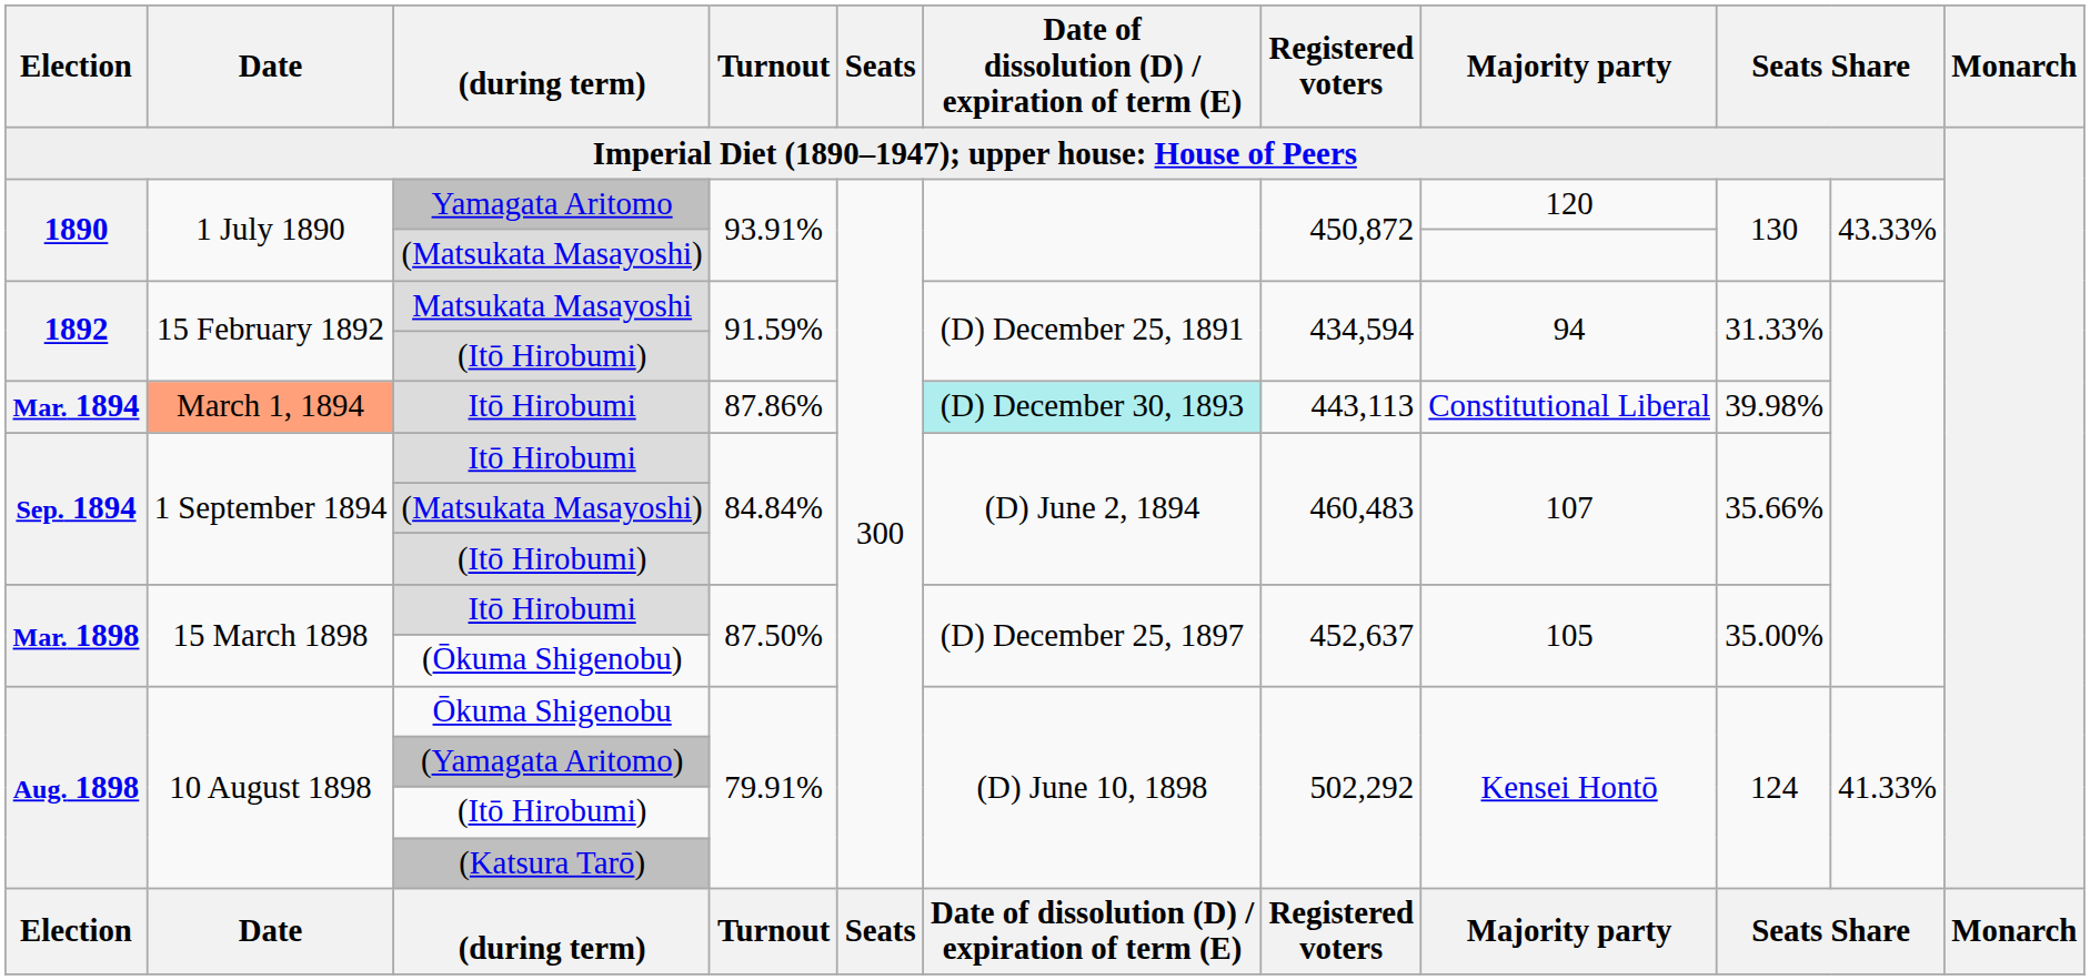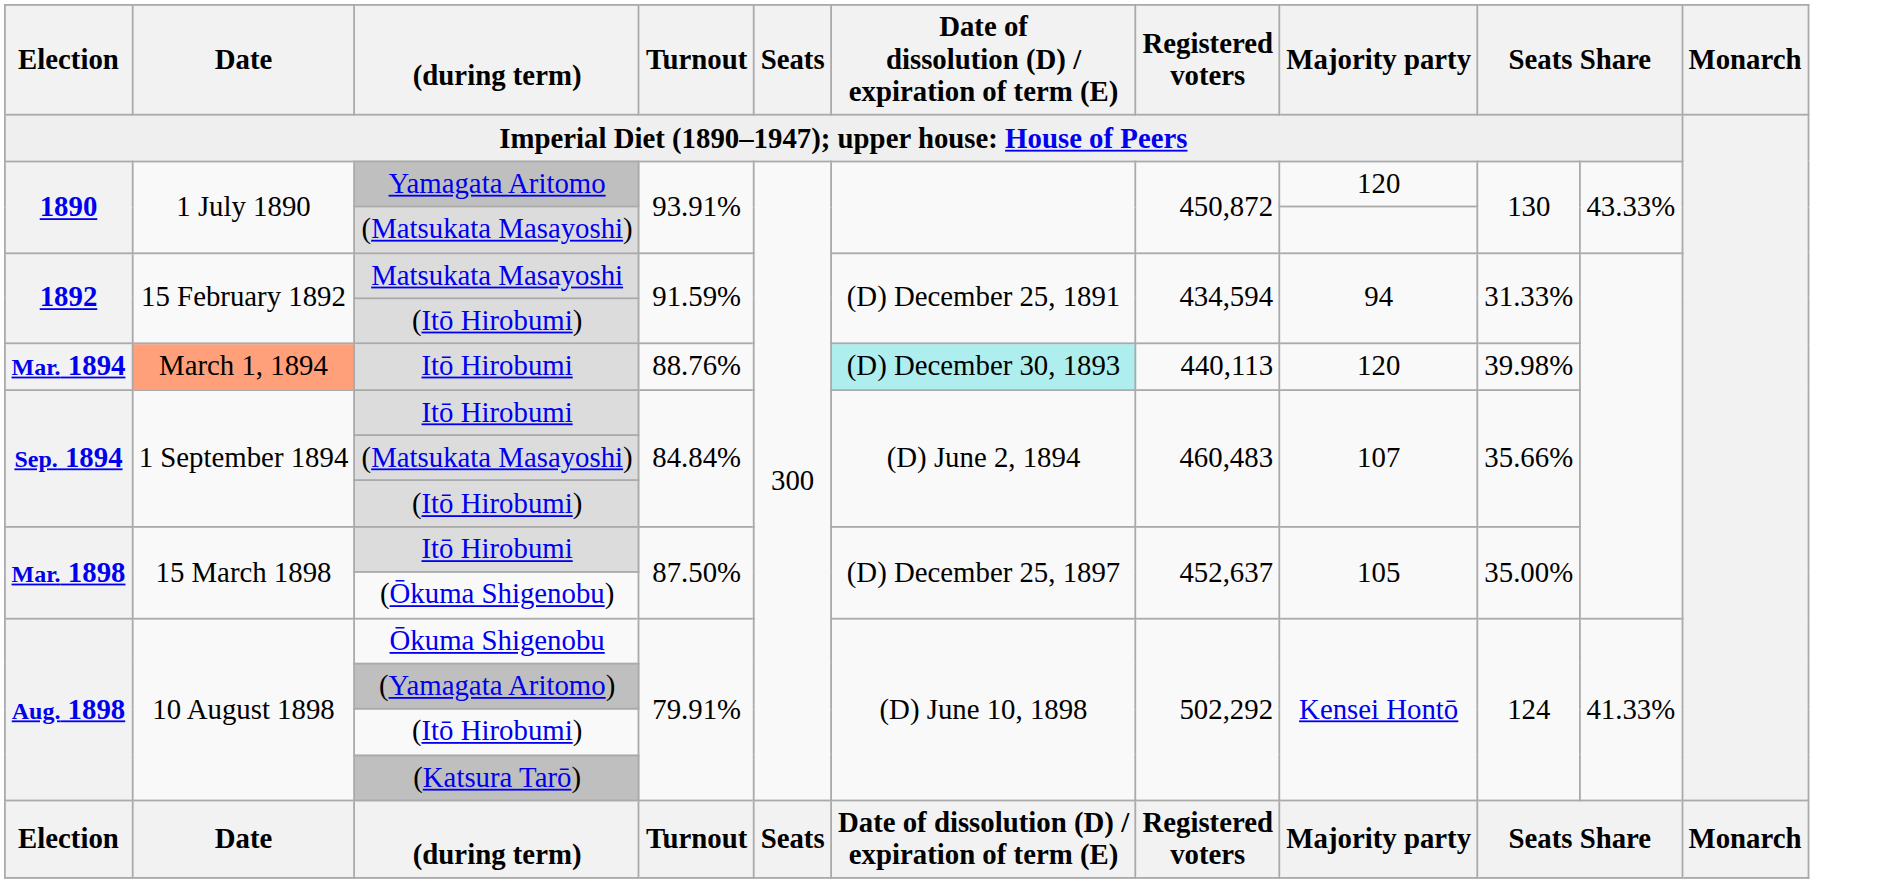 <table class="wikitable plainrowheaders" style="text-align:center">
 <tr>
 <th>Election</th>
 <th>Date</th>
 <th><br>(during term)</th>
 <th>Turnout</th>
 <th>Seats</th>
 <th>Date of<br>dissolution (D) /<br>expiration of term (E)</th>
 <th>Registered<br>voters</th>
 <th>Majority party</th>
 <th colspan=2>Seats Share</th>
 <th>Monarch<br></th>
 </tr>
 <tr>
 <td align="center" style="background:#efefef;" colspan="10"><strong>Imperial Diet (1890–1947); upper house: <a href='#'>House of Peers</a></strong></td>
 <th rowspan=15 style="font-weight:normal"><strong></strong><br><div></div></th>
 </tr>
 <tr>
 <th rowspan=2><a href='#'>1890</a></th>
 <td rowspan=2>1 July 1890</td>
 <td bgcolor="#bfbfbf"><a href='#'>Yamagata Aritomo</a></td>
 <td rowspan=2>93.91%</td>
 <td rowspan="14">300</td>
 <td rowspan=2></td>
 <td rowspan=2 align="right">450,872</td>
 <td bgcolor=>120</td>
 <td rowspan=2 bgcolor=>130</td>
 <td rowspan=2 bgcolor=>43.33%</td>
 </tr>
 <tr>
 <td bgcolor="Gainsboro">(<a href='#'>Matsukata Masayoshi</a>)</td>
 </tr>
 <tr>
 <th rowspan=2><a href='#'>1892</a></th>
 <td rowspan=2>15 February 1892</td>
 <td bgcolor="Gainsboro"><a href='#'>Matsukata Masayoshi</a></td>
 <td rowspan=2>91.59%</td>
 <td rowspan=2>(D) December 25, 1891</td>
 <td rowspan=2 align="right">434,594</td>
 <td rowspan=2 bgcolor=>94</td>
 <td rowspan=2 bgcolor=>31.33%</td>
 </tr>
 <tr>
 <td bgcolor="Gainsboro">(<a href='#'>Itō Hirobumi</a>)</td>
 </tr>
 <tr>
 <th><a href='#'><small>Mar.</small> 1894</a></th>
 <td style="background: lightsalmon;">March 1, 1894</td>
 <td bgcolor="Gainsboro"><a href='#'>Itō Hirobumi</a></td>
-<td>87.86%</td>
+<td>88.76%</td>
 <td style="background: paleturquoise;">(D) December 30, 1893</td>
-<td align="right">443,113</td>
-<td bgcolor=><a href='#'>Constitutional Liberal</a></td>
+<td align="right">440,113</td>
+<td bgcolor=>120</td>
 <td bgcolor=>39.98%</td>
 </tr>
 <tr>
 <th rowspan=3><a href='#'><small>Sep.</small> 1894</a></th>
 <td rowspan=3>1 September 1894</td>
 <td bgcolor="Gainsboro"><a href='#'>Itō Hirobumi</a></td>
 <td rowspan=3>84.84%</td>
 <td rowspan=3>(D) June 2, 1894</td>
 <td rowspan=3 align="right">460,483</td>
 <td rowspan=3 bgcolor=>107</td>
 <td rowspan=3 bgcolor=>35.66%</td>
 </tr>
 <tr>
 <td bgcolor="Gainsboro">(<a href='#'>Matsukata Masayoshi</a>)</td>
 </tr>
 <tr>
 <td bgcolor="Gainsboro">(<a href='#'>Itō Hirobumi</a>)</td>
 </tr>
 <tr>
 <th rowspan=2><a href='#'><small>Mar.</small> 1898</a></th>
 <td rowspan=2>15 March 1898</td>
 <td bgcolor="Gainsboro"><a href='#'>Itō Hirobumi</a></td>
 <td rowspan=2>87.50%</td>
 <td rowspan=2>(D) December 25, 1897</td>
 <td rowspan=2 align="right">452,637</td>
 <td rowspan=2 bgcolor=>105</td>
 <td rowspan=2 bgcolor=>35.00%</td>
 </tr>
 <tr>
 <td bgcolor=>(<a href='#'>Ōkuma Shigenobu</a>)</td>
 </tr>
 <tr>
 <th rowspan=4><a href='#'><small>Aug.</small> 1898</a></th>
 <td rowspan=4>10 August 1898</td>
 <td bgcolor=><a href='#'>Ōkuma Shigenobu</a></td>
 <td rowspan=4>79.91%</td>
 <td rowspan=4>(D) June 10, 1898</td>
 <td rowspan=4 align="right">502,292</td>
 <td rowspan=4 bgcolor=><a href='#'>Kensei Hontō</a></td>
 <td rowspan=4 bgcolor=>124</td>
 <td rowspan=4 bgcolor=>41.33%</td>
 </tr>
 <tr>
 <td bgcolor="#bfbfbf">(<a href='#'>Yamagata Aritomo</a>)</td>
 </tr>
 <tr>
 <td>(<a href='#'>Itō Hirobumi</a>)</td>
 </tr>
 <tr>
 <td bgcolor="#bfbfbf">(<a href='#'>Katsura Tarō</a>)</td>
 </tr>
 <tr>
 <th>Election</th>
 <th>Date</th>
 <th><br>(during term)</th>
 <th>Turnout</th>
 <th>Seats</th>
 <th>Date of dissolution (D) /<br>expiration of term (E)</th>
 <th>Registered<br>voters</th>
 <th>Majority party</th>
 <th colspan=2>Seats Share</th>
 <th>Monarch<br></th>
 </tr>
 </table>
